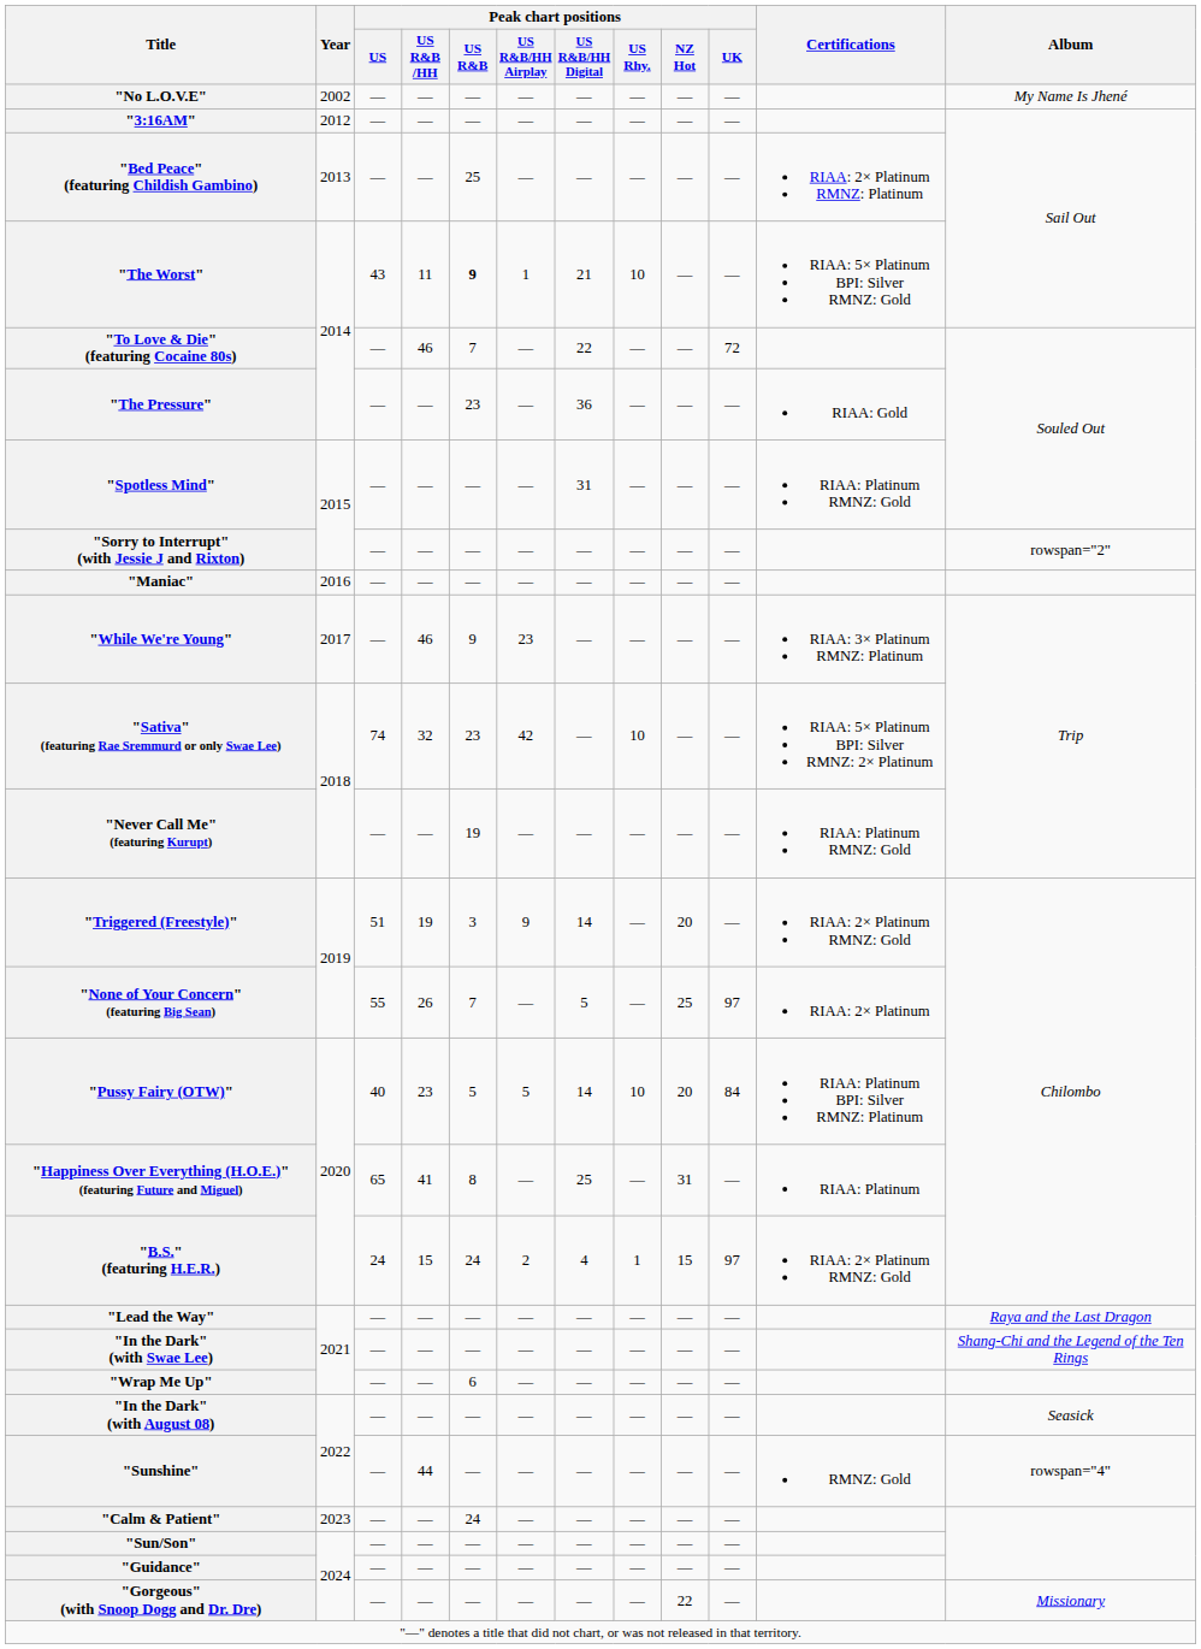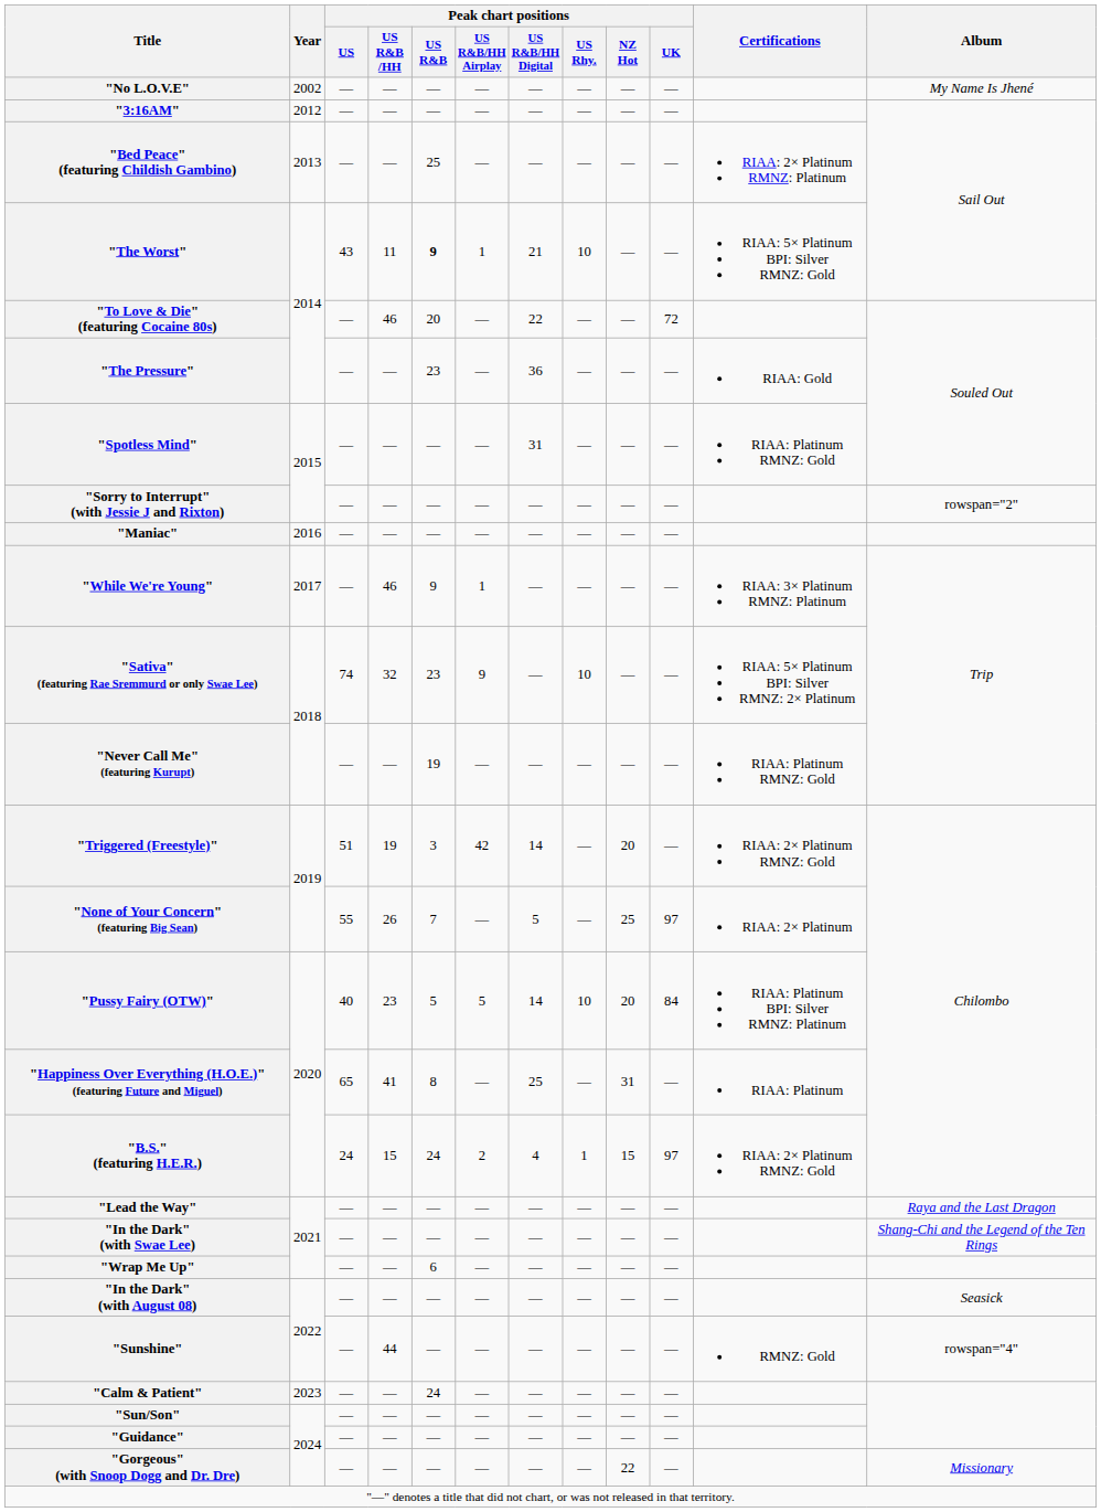 <table class="wikitable plainrowheaders" style="text-align:center;">
 <tr>
 <th scope="col" rowspan="2" style="width:20em;">Title</th>
 <th scope="col" rowspan="2">Year</th>
 <th scope="col" colspan="8">Peak chart positions</th>
 <th scope="col" rowspan="2" style="width:12em;"><a href='#'>Certifications</a></th>
 <th scope="col" rowspan="2" style="width:16em;">Album</th>
 </tr>
 <tr>
 <th scope="col" style="width:3em;font-size:90%;"><a href='#'>US</a><br></th>
 <th scope="col" style="width:3em;font-size:90%;"><a href='#'>US<br>R&B<br>/HH</a><br></th>
 <th scope="col" style="width:3em;font-size:90%;"><a href='#'>US<br>R&B</a><br></th>
 <th scope="col" style="width:3em;font-size:85%;"><a href='#'>US<br>R&B/HH<br>Airplay</a><br></th>
 <th scope="col" style="width:3em;font-size:85%;"><a href='#'>US<br>R&B/HH<br>Digital</a><br></th>
 <th scope="col" style="width:3em;font-size:90%;"><a href='#'>US<br>Rhy.</a><br></th>
 <th scope="col" style="width:3em;font-size:90%;"><a href='#'>NZ<br>Hot</a><br></th>
 <th scope="col" style="width:3em;font-size:90%;"><a href='#'>UK</a><br></th>
 </tr>
 <tr>
 <th scope="row">"No L.O.V.E"</th>
 <td>2002</td>
 <td>—</td>
 <td>—</td>
 <td>—</td>
 <td>—</td>
 <td>—</td>
 <td>—</td>
 <td>—</td>
 <td>—</td>
 <td></td>
 <td><em>My Name Is Jhené</em></td>
 </tr>
 <tr>
 <th scope="row">"<a href='#'>3:16AM</a>"</th>
 <td>2012</td>
 <td>—</td>
 <td>—</td>
 <td>—</td>
 <td>—</td>
 <td>—</td>
 <td>—</td>
 <td>—</td>
 <td>—</td>
 <td></td>
 <td rowspan="3"><em>Sail Out</em></td>
 </tr>
 <tr>
 <th scope="row">"<a href='#'>Bed Peace</a>"<br><span>(featuring <a href='#'>Childish Gambino</a>)</span></th>
 <td>2013</td>
 <td>—</td>
 <td>—</td>
 <td>25</td>
 <td>—</td>
 <td>—</td>
 <td>—</td>
 <td>—</td>
 <td>—</td>
 <td><br><ul><li><a href='#'>RIAA</a>: 2× Platinum</li><li><a href='#'>RMNZ</a>: Platinum</li></ul></td>
 </tr>
 <tr>
 <th scope="row">"<a href='#'>The Worst</a>"</th>
 <td rowspan="3">2014</td>
 <td>43</td>
 <td>11</td>
 <td><strong>9</strong></td>
 <td>1</td>
 <td>21</td>
 <td>10</td>
 <td>—</td>
 <td>—</td>
 <td><br><ul><li>RIAA: 5× Platinum</li><li>BPI: Silver</li><li>RMNZ: Gold</li></ul></td>
 </tr>
 <tr>
 <th scope="row">"<a href='#'>To Love & Die</a>"<br><span>(featuring <a href='#'>Cocaine 80s</a>)</span></th>
 <td>—</td>
 <td>46</td>
-<td>7</td>
+<td>20</td>
 <td>—</td>
 <td>22</td>
 <td>—</td>
 <td>—</td>
 <td>72</td>
 <td></td>
 <td rowspan="3"><em>Souled Out</em></td>
 </tr>
 <tr>
 <th scope="row">"<a href='#'>The Pressure</a>"</th>
 <td>—</td>
 <td>—</td>
 <td>23</td>
 <td>—</td>
 <td>36</td>
 <td>—</td>
 <td>—</td>
 <td>—</td>
 <td><br><ul><li>RIAA: Gold</li></ul></td>
 </tr>
 <tr>
 <th scope="row">"<a href='#'>Spotless Mind</a>"</th>
 <td rowspan="2">2015</td>
 <td>—</td>
 <td>—</td>
 <td>—</td>
 <td>—</td>
 <td>31</td>
 <td>—</td>
 <td>—</td>
 <td>—</td>
 <td><br><ul><li>RIAA: Platinum</li><li>RMNZ: Gold</li></ul></td>
 </tr>
 <tr>
 <th scope="row">"Sorry to Interrupt"<br><span>(with <a href='#'>Jessie J</a> and <a href='#'>Rixton</a>)</span></th>
 <td>—</td>
 <td>—</td>
 <td>—</td>
 <td>—</td>
 <td>—</td>
 <td>—</td>
 <td>—</td>
 <td>—</td>
 <td></td>
 <td>rowspan="2" </td>
 </tr>
 <tr>
 <th scope="row">"Maniac"</th>
 <td>2016</td>
 <td>—</td>
 <td>—</td>
 <td>—</td>
 <td>—</td>
 <td>—</td>
 <td>—</td>
 <td>—</td>
 <td>—</td>
 <td></td>
 </tr>
 <tr>
 <th scope="row">"<a href='#'>While We're Young</a>"</th>
 <td>2017</td>
 <td>—</td>
 <td>46</td>
 <td>9</td>
-<td>23</td>
+<td>1</td>
 <td>—</td>
 <td>—</td>
 <td>—</td>
 <td>—</td>
 <td><br><ul><li>RIAA: 3× Platinum</li><li>RMNZ: Platinum</li></ul></td>
 <td rowspan="3"><em>Trip</em></td>
 </tr>
 <tr>
 <th scope="row">"<a href='#'>Sativa</a>"<br><small>(featuring <a href='#'>Rae Sremmurd</a> or only <a href='#'>Swae Lee</a>)</small></th>
 <td rowspan="2">2018</td>
 <td>74</td>
 <td>32</td>
 <td>23</td>
-<td>42</td>
+<td>9</td>
 <td>—</td>
 <td>10</td>
 <td>—</td>
 <td>—</td>
 <td><br><ul><li>RIAA: 5× Platinum</li><li>BPI: Silver</li><li>RMNZ: 2× Platinum</li></ul></td>
 </tr>
 <tr>
 <th scope="row">"Never Call Me"<br><small>(featuring <a href='#'>Kurupt</a>)</small></th>
 <td>—</td>
 <td>—</td>
 <td>19</td>
 <td>—</td>
 <td>—</td>
 <td>—</td>
 <td>—</td>
 <td>—</td>
 <td><br><ul><li>RIAA: Platinum</li><li>RMNZ: Gold</li></ul></td>
 </tr>
 <tr>
 <th scope="row">"<a href='#'>Triggered (Freestyle)</a>"</th>
 <td rowspan="2">2019</td>
 <td>51</td>
 <td>19</td>
 <td>3</td>
-<td>9</td>
+<td>42</td>
 <td>14</td>
 <td>—</td>
 <td>20</td>
 <td>—</td>
 <td><br><ul><li>RIAA: 2× Platinum</li><li>RMNZ: Gold</li></ul></td>
 <td rowspan="5"><em>Chilombo</em></td>
 </tr>
 <tr>
 <th scope="row">"<a href='#'>None of Your Concern</a>"<br><small>(featuring <a href='#'>Big Sean</a>)</small></th>
 <td>55</td>
 <td>26</td>
 <td>7</td>
 <td>—</td>
 <td>5</td>
 <td>—</td>
 <td>25</td>
 <td>97</td>
 <td><br><ul><li>RIAA: 2× Platinum</li></ul></td>
 </tr>
 <tr>
 <th scope="row">"<a href='#'>Pussy Fairy (OTW)</a>"</th>
 <td rowspan="3">2020</td>
 <td>40</td>
 <td>23</td>
 <td>5</td>
 <td>5</td>
 <td>14</td>
 <td>10</td>
 <td>20</td>
 <td>84</td>
 <td><br><ul><li>RIAA: Platinum</li><li>BPI: Silver</li><li>RMNZ: Platinum</li></ul></td>
 </tr>
 <tr>
 <th scope="row">"<a href='#'>Happiness Over Everything (H.O.E.)</a>"<br><small>(featuring <a href='#'>Future</a> and <a href='#'>Miguel</a>)</small></th>
 <td>65</td>
 <td>41</td>
 <td>8</td>
 <td>—</td>
 <td>25</td>
 <td>—</td>
 <td>31</td>
 <td>—</td>
 <td><br><ul><li>RIAA: Platinum</li></ul></td>
 </tr>
 <tr>
 <th scope="row">"<a href='#'>B.S.</a>"<br><span>(featuring <a href='#'>H.E.R.</a>)</span></th>
 <td>24</td>
 <td>15</td>
 <td>24</td>
 <td>2</td>
 <td>4</td>
 <td>1</td>
 <td>15</td>
 <td>97</td>
 <td><br><ul><li>RIAA: 2× Platinum</li><li>RMNZ: Gold</li></ul></td>
 </tr>
 <tr>
 <th scope="row">"Lead the Way"</th>
 <td rowspan="3">2021</td>
 <td>—</td>
 <td>—</td>
 <td>—</td>
 <td>—</td>
 <td>—</td>
 <td>—</td>
 <td>—</td>
 <td>—</td>
 <td></td>
 <td><em><a href='#'>Raya and the Last Dragon</a></em></td>
 </tr>
 <tr>
 <th scope="row">"In the Dark"<br><span>(with <a href='#'>Swae Lee</a>)</span></th>
 <td>—</td>
 <td>—</td>
 <td>—</td>
 <td>—</td>
 <td>—</td>
 <td>—</td>
 <td>—</td>
 <td>—</td>
 <td></td>
 <td><em><a href='#'>Shang-Chi and the Legend of the Ten Rings</a></em></td>
 </tr>
 <tr>
 <th scope="row">"Wrap Me Up"</th>
 <td>—</td>
 <td>—</td>
 <td>6</td>
 <td>—</td>
 <td>—</td>
 <td>—</td>
 <td>—</td>
 <td>—</td>
 <td></td>
 <td></td>
 </tr>
 <tr>
 <th scope="row">"In the Dark"<br><span>(with <a href='#'>August 08</a>)</span></th>
 <td rowspan="2">2022</td>
 <td>—</td>
 <td>—</td>
 <td>—</td>
 <td>—</td>
 <td>—</td>
 <td>—</td>
 <td>—</td>
 <td>—</td>
 <td></td>
 <td><em>Seasick</em></td>
 </tr>
 <tr>
 <th scope="row">"Sunshine"<br></th>
 <td>—</td>
 <td>44</td>
 <td>—</td>
 <td>—</td>
 <td>—</td>
 <td>—</td>
 <td>—</td>
 <td>—</td>
 <td><br><ul><li>RMNZ: Gold</li></ul></td>
 <td>rowspan="4" </td>
 </tr>
 <tr>
 <th scope="row">"Calm & Patient"</th>
 <td>2023</td>
 <td>—</td>
 <td>—</td>
 <td>24</td>
 <td>—</td>
 <td>—</td>
 <td>—</td>
 <td>—</td>
 <td>—</td>
 <td></td>
 </tr>
 <tr>
 <th scope="row">"Sun/Son"</th>
 <td rowspan="3">2024</td>
 <td>—</td>
 <td>—</td>
 <td>—</td>
 <td>—</td>
 <td>—</td>
 <td>—</td>
 <td>—</td>
 <td>—</td>
 <td></td>
 </tr>
 <tr>
 <th scope="row">"Guidance"</th>
 <td>—</td>
 <td>—</td>
 <td>—</td>
 <td>—</td>
 <td>—</td>
 <td>—</td>
 <td>—</td>
 <td>—</td>
 <td></td>
 </tr>
 <tr>
 <th scope="row">"Gorgeous"<br><span>(with <a href='#'>Snoop Dogg</a> and <a href='#'>Dr. Dre</a>)</span></th>
 <td>—</td>
 <td>—</td>
 <td>—</td>
 <td>—</td>
 <td>—</td>
 <td>—</td>
 <td>22</td>
 <td>—</td>
 <td></td>
 <td><em><a href='#'>Missionary</a></em></td>
 </tr>
 <tr>
 <td colspan="16" style="font-size:90%">"—" denotes a title that did not chart, or was not released in that territory.</td>
 </tr>
 </table>
